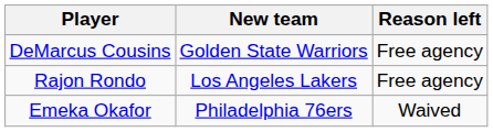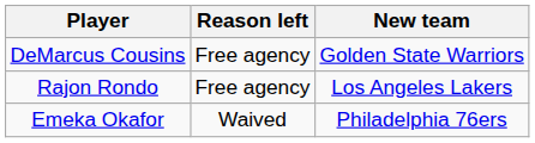 <table class="wikitable sortable sortable" style="text-align:center;">
 <tr>
 <th>Player</th>
+<th>Reason left</th>
 <th>New team</th>
-<th>Reason left</th>
 </tr>
 <tr>
 <td><a href='#'>DeMarcus Cousins</a></td>
+<td>Free agency</td>
 <td><a href='#'>Golden State Warriors</a></td>
-<td>Free agency</td>
 </tr>
 <tr>
 <td><a href='#'>Rajon Rondo</a></td>
+<td>Free agency</td>
 <td><a href='#'>Los Angeles Lakers</a></td>
-<td>Free agency</td>
 </tr>
 <tr>
 <td><a href='#'>Emeka Okafor</a></td>
+<td>Waived</td>
 <td><a href='#'>Philadelphia 76ers</a></td>
-<td>Waived</td>
 </tr>
 </table>
